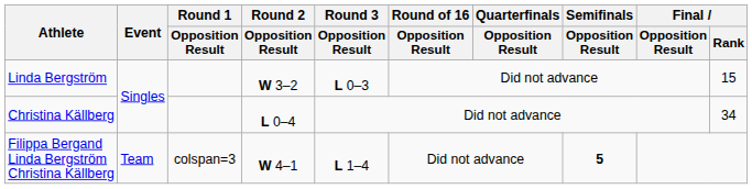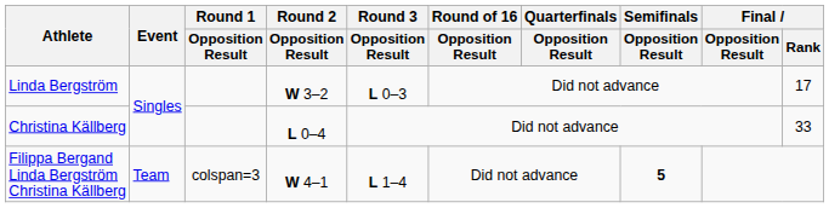 <table class=wikitable style=font-size:90%;text-align:center>
 <tr>
 <th rowspan=2>Athlete</th>
 <th rowspan=2>Event</th>
 <th>Round 1</th>
 <th>Round 2</th>
 <th>Round 3</th>
 <th>Round of 16</th>
 <th>Quarterfinals</th>
 <th>Semifinals</th>
 <th colspan=2>Final / </th>
 </tr>
 <tr style=font-size:95%>
 <th>Opposition<br>Result</th>
 <th>Opposition<br>Result</th>
 <th>Opposition<br>Result</th>
 <th>Opposition<br>Result</th>
 <th>Opposition<br>Result</th>
 <th>Opposition<br>Result</th>
 <th>Opposition<br>Result</th>
 <th>Rank</th>
 </tr>
 <tr>
 <td align=left><a href='#'>Linda Bergström</a></td>
 <td align=left rowspan=2><a href='#'>Singles</a></td>
 <td></td>
 <td><br><strong>W</strong> 3–2</td>
 <td><br><strong>L</strong> 0–3</td>
 <td colspan=4>Did not advance</td>
-<td>15</td>
+<td>17</td>
 </tr>
 <tr align=center>
 <td align=left><a href='#'>Christina Källberg</a></td>
 <td></td>
 <td><br><strong>L</strong> 0–4</td>
 <td colspan=5>Did not advance</td>
-<td>34</td>
+<td>33</td>
 </tr>
 <tr>
 <td align=left><a href='#'>Filippa Bergand</a><br><a href='#'>Linda Bergström</a><br><a href='#'>Christina Källberg</a></td>
 <td align=left><a href='#'>Team</a></td>
 <td>colspan=3 </td>
 <td><br><strong>W</strong> 4–1</td>
 <td><br><strong>L</strong> 1–4</td>
 <td colspan=2>Did not advance</td>
 <td><strong>5</strong></td>
 </tr>
 </table>
